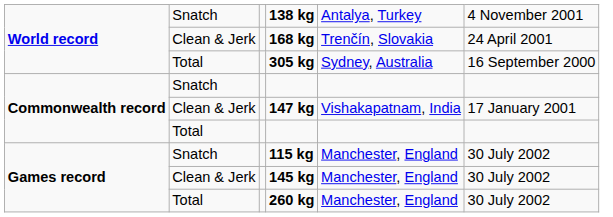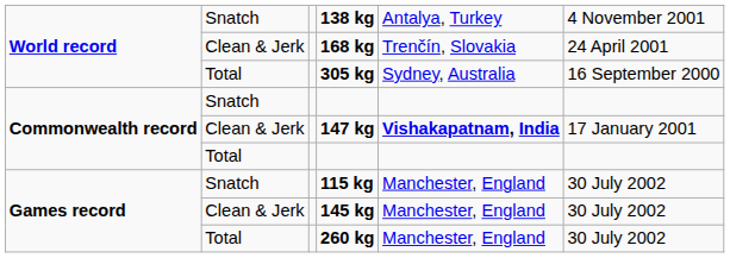 <table class="wikitable">
 <tr>
 <td rowspan=3><strong><a href='#'>World record</a></strong></td>
 <td>Snatch</td>
 <td></td>
 <td><strong>138 kg</strong></td>
 <td><a href='#'>Antalya</a>, <a href='#'>Turkey</a></td>
 <td>4 November 2001</td>
 </tr>
 <tr>
 <td>Clean & Jerk</td>
 <td></td>
 <td><strong>168 kg</strong></td>
 <td><a href='#'>Trenčín</a>, <a href='#'>Slovakia</a></td>
 <td>24 April 2001</td>
 </tr>
 <tr>
 <td>Total</td>
 <td></td>
 <td><strong>305 kg</strong></td>
 <td><a href='#'>Sydney</a>, <a href='#'>Australia</a></td>
 <td>16 September 2000</td>
 </tr>
 <tr>
 <td rowspan=3><strong>Commonwealth record</strong></td>
 <td>Snatch</td>
 <td></td>
 <td></td>
 <td></td>
 <td></td>
 </tr>
 <tr>
 <td>Clean & Jerk</td>
 <td></td>
 <td><strong>147 kg</strong></td>
-<td><a href='#'>Vishakapatnam</a>, <a href='#'>India</a></td>
+<td><strong><a href='#'>Vishakapatnam</a>, <a href='#'>India</a></strong></td>
 <td>17 January 2001</td>
 </tr>
 <tr>
 <td>Total</td>
 <td></td>
 <td></td>
 <td></td>
 <td></td>
 </tr>
 <tr>
 <td rowspan=3><strong>Games record</strong></td>
 <td>Snatch</td>
 <td></td>
 <td><strong>115 kg</strong></td>
 <td><a href='#'>Manchester</a>, <a href='#'>England</a></td>
 <td>30 July 2002</td>
 </tr>
 <tr>
 <td>Clean & Jerk</td>
 <td></td>
 <td><strong>145 kg</strong></td>
 <td><a href='#'>Manchester</a>, <a href='#'>England</a></td>
 <td>30 July 2002</td>
 </tr>
 <tr>
 <td>Total</td>
 <td></td>
 <td><strong>260 kg</strong></td>
 <td><a href='#'>Manchester</a>, <a href='#'>England</a></td>
 <td>30 July 2002</td>
 </tr>
 </table>
